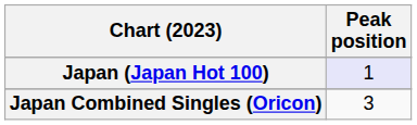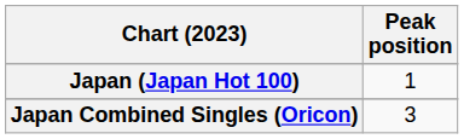 <table class="wikitable sortable plainrowheaders" style="text-align:center">
 <tr>
 <th scope="col">Chart (2023)</th>
 <th scope="col">Peak<br>position</th>
 </tr>
 <tr>
 </tr>
 <tr>
 <th scope="row">Japan (<a href='#'>Japan Hot 100</a>)</th>
-<td style="background: lavender;">1</td>
+<td>1</td>
 </tr>
 <tr>
 </tr>
 <tr>
 <th scope="row">Japan Combined Singles (<a href='#'>Oricon</a>)</th>
 <td>3</td>
 </tr>
 </table>
